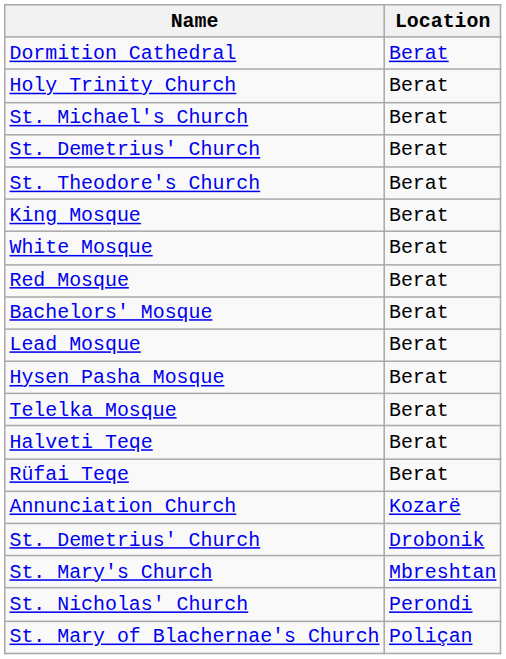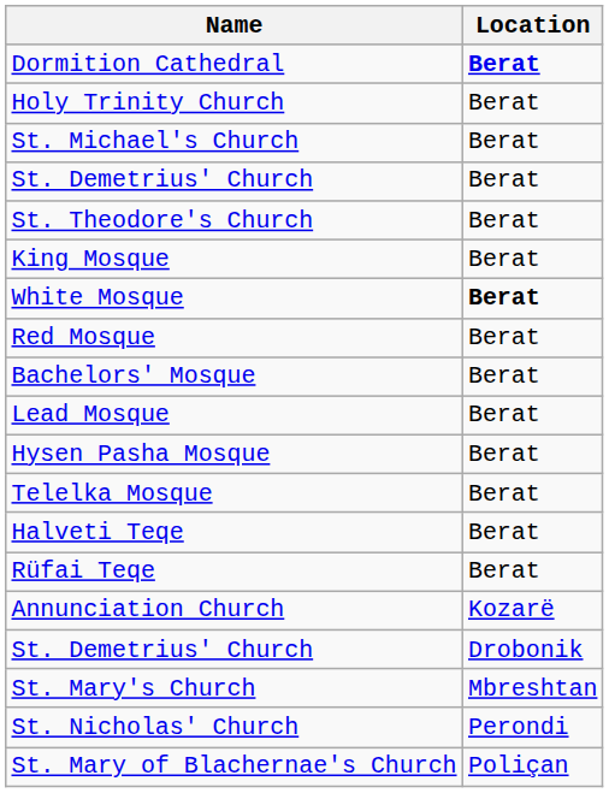 <table class="wikitable">
 <tr>
 <th>Name</th>
 <th>Location</th>
 </tr>
 <tr>
 <td><a href='#'>Dormition Cathedral</a></td>
-<td><a href='#'>Berat</a></td>
+<td><strong><a href='#'>Berat</a></strong></td>
 </tr>
 <tr>
 <td><a href='#'>Holy Trinity Church</a></td>
 <td>Berat</td>
 </tr>
 <tr>
 <td><a href='#'>St. Michael's Church</a></td>
 <td>Berat</td>
 </tr>
 <tr>
 <td><a href='#'>St. Demetrius' Church</a></td>
 <td>Berat</td>
 </tr>
 <tr>
 <td><a href='#'>St. Theodore's Church</a></td>
 <td>Berat</td>
 </tr>
 <tr>
 <td><a href='#'>King Mosque</a></td>
 <td>Berat</td>
 </tr>
 <tr>
 <td><a href='#'>White Mosque</a></td>
-<td>Berat</td>
+<td><strong>Berat</strong></td>
 </tr>
 <tr>
 <td><a href='#'>Red Mosque</a></td>
 <td>Berat</td>
 </tr>
 <tr>
 <td><a href='#'>Bachelors' Mosque</a></td>
 <td>Berat</td>
 </tr>
 <tr>
 <td><a href='#'>Lead Mosque</a></td>
 <td>Berat</td>
 </tr>
 <tr>
 <td><a href='#'>Hysen Pasha Mosque</a></td>
 <td>Berat</td>
 </tr>
 <tr>
 <td><a href='#'>Telelka Mosque</a></td>
 <td>Berat</td>
 </tr>
 <tr>
 <td><a href='#'>Halveti Teqe</a></td>
 <td>Berat</td>
 </tr>
 <tr>
 <td><a href='#'>Rüfai Teqe</a></td>
 <td>Berat</td>
 </tr>
 <tr>
 <td><a href='#'>Annunciation Church</a></td>
 <td><a href='#'>Kozarë</a></td>
 </tr>
 <tr>
 <td><a href='#'>St. Demetrius' Church</a></td>
 <td><a href='#'>Drobonik</a></td>
 </tr>
 <tr>
 <td><a href='#'>St. Mary's Church</a></td>
 <td><a href='#'>Mbreshtan</a></td>
 </tr>
 <tr>
 <td><a href='#'>St. Nicholas' Church</a></td>
 <td><a href='#'>Perondi</a></td>
 </tr>
 <tr>
 <td><a href='#'>St. Mary of Blachernae's Church</a></td>
 <td><a href='#'>Poliçan</a></td>
 </tr>
 </table>
